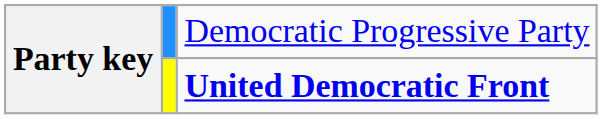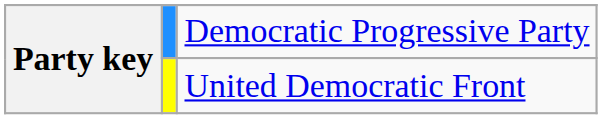 <table class=wikitable>
 <tr>
 <th rowspan=2>Party key</th>
 <td style="background: #1E90FF"></td>
 <td><a href='#'>Democratic Progressive Party</a></td>
 </tr>
 <tr>
 <td style="background: #FFFF00"></td>
-<td><strong><a href='#'>United Democratic Front</a></strong></td>
+<td><a href='#'>United Democratic Front</a></td>
 </tr>
 </table>
